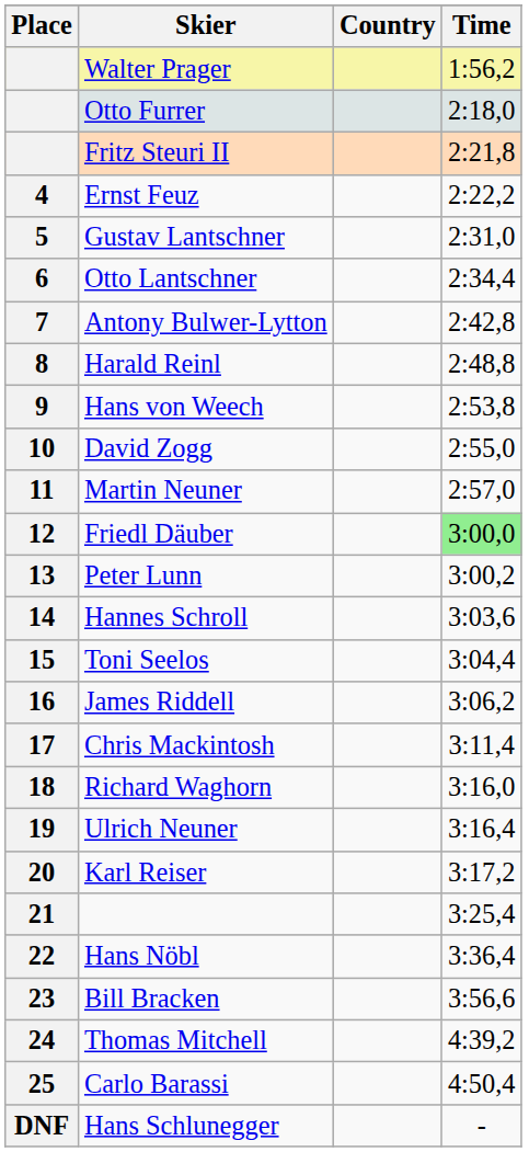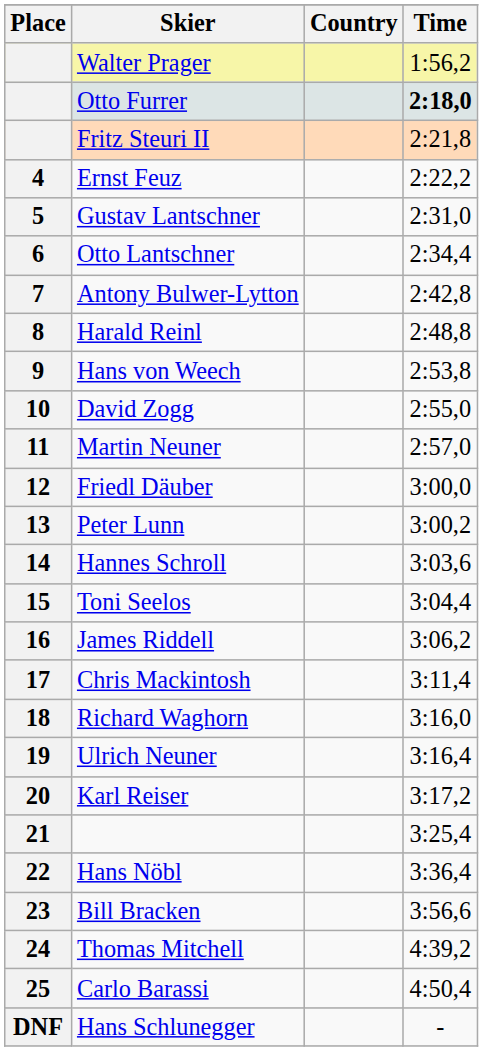 <table class="wikitable sortable">
 <tr>
 </tr>
 <tr class="hintergrundfarbe5">
 </tr>
 <tr style="background:#EFEFEF">
 <th>Place</th>
 <th>Skier</th>
 <th>Country</th>
 <th>Time</th>
 </tr>
 <tr style="background:#F7F6A8">
 <th></th>
 <td><a href='#'>Walter Prager</a></td>
 <td></td>
 <td align="center">1:56,2</td>
 </tr>
 <tr style="background:#DCE5E5">
 <th></th>
 <td><a href='#'>Otto Furrer</a></td>
 <td></td>
-<td align="center">2:18,0</td>
+<td align="center"><strong>2:18,0</strong></td>
 </tr>
 <tr style="background:#FFDAB9">
 <th></th>
 <td><a href='#'>Fritz Steuri II</a></td>
 <td></td>
 <td align="center">2:21,8</td>
 </tr>
 <tr>
 <th>4</th>
 <td><a href='#'>Ernst Feuz</a></td>
 <td></td>
 <td align="center">2:22,2</td>
 </tr>
 <tr>
 <th>5</th>
 <td><a href='#'>Gustav Lantschner</a></td>
 <td></td>
 <td align="center">2:31,0</td>
 </tr>
 <tr>
 <th>6</th>
 <td><a href='#'>Otto Lantschner</a></td>
 <td></td>
 <td align="center">2:34,4</td>
 </tr>
 <tr>
 <th>7</th>
 <td><a href='#'>Antony Bulwer-Lytton</a></td>
 <td></td>
 <td align="center">2:42,8</td>
 </tr>
 <tr>
 <th>8</th>
 <td><a href='#'>Harald Reinl</a></td>
 <td></td>
 <td align="center">2:48,8</td>
 </tr>
 <tr>
 <th>9</th>
 <td><a href='#'>Hans von Weech</a></td>
 <td></td>
 <td align="center">2:53,8</td>
 </tr>
 <tr>
 <th>10</th>
 <td><a href='#'>David Zogg</a></td>
 <td></td>
 <td align="center">2:55,0</td>
 </tr>
 <tr>
 <th>11</th>
 <td><a href='#'>Martin Neuner</a></td>
 <td></td>
 <td align="center">2:57,0</td>
 </tr>
 <tr>
 <th>12</th>
 <td><a href='#'>Friedl Däuber</a></td>
 <td></td>
-<td align="center" style="background: lightgreen;">3:00,0</td>
+<td align="center">3:00,0</td>
 </tr>
 <tr>
 <th>13</th>
 <td><a href='#'>Peter Lunn</a></td>
 <td></td>
 <td align="center">3:00,2</td>
 </tr>
 <tr>
 <th>14</th>
 <td><a href='#'>Hannes Schroll</a></td>
 <td></td>
 <td align="center">3:03,6</td>
 </tr>
 <tr>
 <th>15</th>
 <td><a href='#'>Toni Seelos</a></td>
 <td></td>
 <td align="center">3:04,4</td>
 </tr>
 <tr>
 <th>16</th>
 <td><a href='#'>James Riddell</a></td>
 <td></td>
 <td align="center">3:06,2</td>
 </tr>
 <tr>
 <th>17</th>
 <td><a href='#'>Chris Mackintosh</a></td>
 <td></td>
 <td align="center">3:11,4</td>
 </tr>
 <tr>
 <th>18</th>
 <td><a href='#'>Richard Waghorn</a></td>
 <td></td>
 <td align="center">3:16,0</td>
 </tr>
 <tr>
 <th>19</th>
 <td><a href='#'>Ulrich Neuner</a></td>
 <td></td>
 <td align="center">3:16,4</td>
 </tr>
 <tr>
 <th>20</th>
 <td><a href='#'>Karl Reiser</a></td>
 <td></td>
 <td align="center">3:17,2</td>
 </tr>
 <tr>
 <th>21</th>
 <td></td>
 <td></td>
 <td align="center">3:25,4</td>
 </tr>
 <tr>
 <th>22</th>
 <td><a href='#'>Hans Nöbl</a></td>
 <td></td>
 <td align="center">3:36,4</td>
 </tr>
 <tr>
 <th>23</th>
 <td><a href='#'>Bill Bracken</a></td>
 <td></td>
 <td align="center">3:56,6</td>
 </tr>
 <tr>
 <th>24</th>
 <td><a href='#'>Thomas Mitchell</a></td>
 <td></td>
 <td align="center">4:39,2</td>
 </tr>
 <tr>
 <th>25</th>
 <td><a href='#'>Carlo Barassi</a></td>
 <td></td>
 <td align="center">4:50,4</td>
 </tr>
 <tr>
 <th>DNF</th>
 <td><a href='#'>Hans Schlunegger</a></td>
 <td></td>
 <td style="text-align:center" data-sort-value="9:00:00,0">-</td>
 </tr>
 </table>
